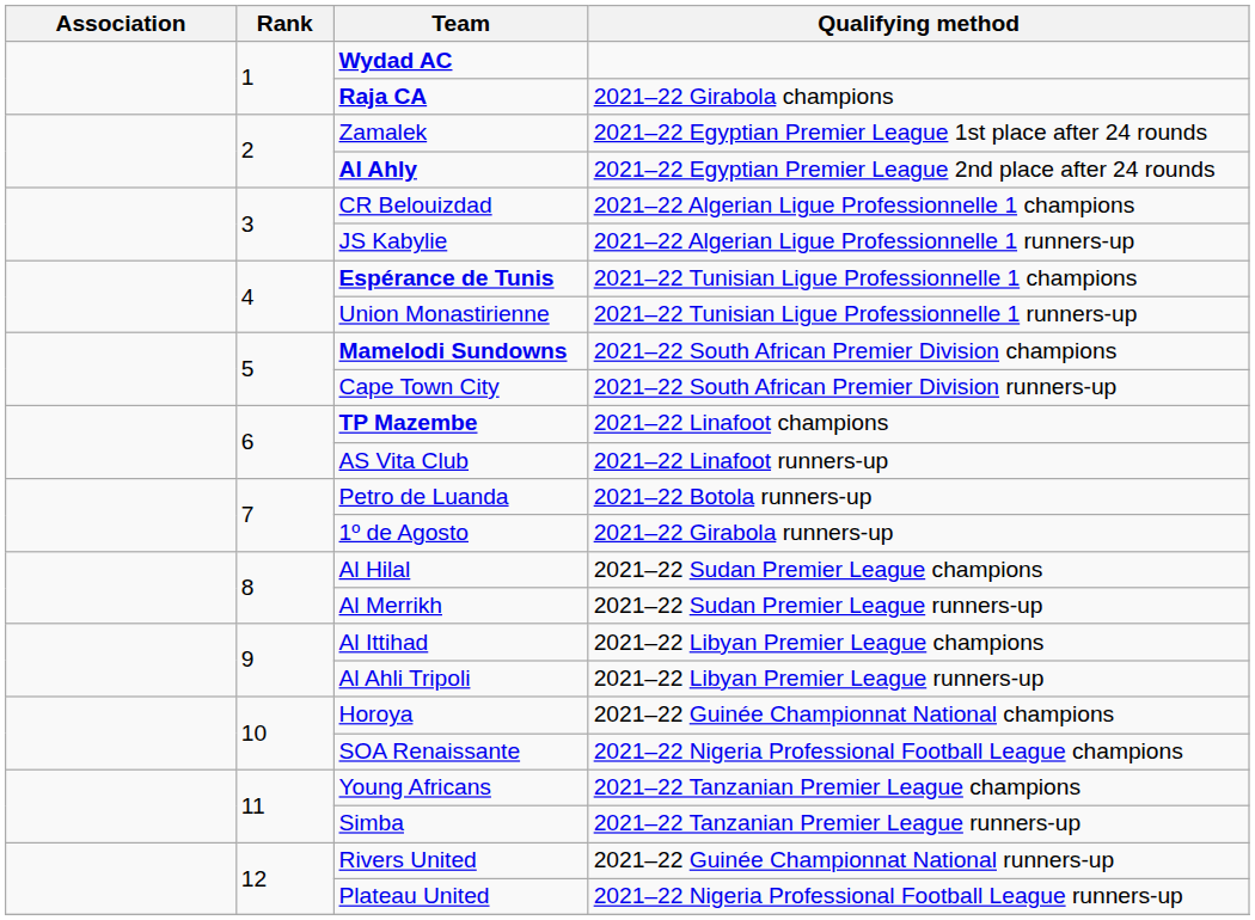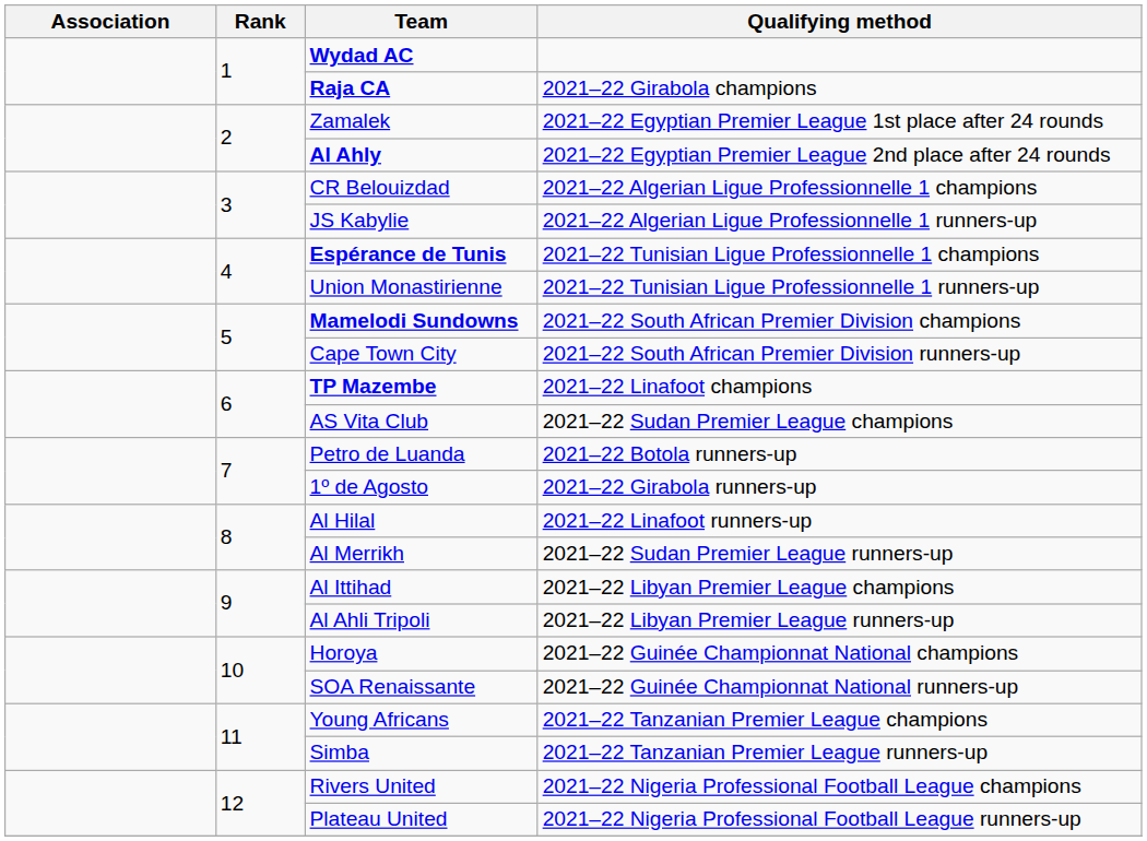 <table class="wikitable">
 <tr>
 <th width=180>Association</th>
 <th width=70>Rank </th>
 <th width=200>Team</th>
 <th width=600>Qualifying method</th>
 </tr>
 <tr>
 <td rowspan=2></td>
 <td rowspan=2>1 </td>
 <td><strong><a href='#'>Wydad AC</a></strong></td>
 <td></td>
 </tr>
 <tr>
 <td><strong><a href='#'>Raja CA</a></strong></td>
 <td><a href='#'>2021–22 Girabola</a> champions</td>
 </tr>
 <tr>
 <td rowspan=2></td>
 <td rowspan=2>2 </td>
 <td><a href='#'>Zamalek</a></td>
 <td><a href='#'>2021–22 Egyptian Premier League</a> 1st place after 24 rounds</td>
 </tr>
 <tr>
 <td><strong><a href='#'>Al Ahly</a></strong></td>
 <td><a href='#'>2021–22 Egyptian Premier League</a> 2nd place after 24 rounds</td>
 </tr>
 <tr>
 <td rowspan=2></td>
 <td rowspan=2>3 </td>
 <td><a href='#'>CR Belouizdad</a></td>
 <td><a href='#'>2021–22 Algerian Ligue Professionnelle 1</a> champions</td>
 </tr>
 <tr>
 <td><a href='#'>JS Kabylie</a></td>
 <td><a href='#'>2021–22 Algerian Ligue Professionnelle 1</a> runners-up</td>
 </tr>
 <tr>
 <td rowspan=2></td>
 <td rowspan=2>4 </td>
 <td><strong><a href='#'>Espérance de Tunis</a></strong></td>
 <td><a href='#'>2021–22 Tunisian Ligue Professionnelle 1</a> champions</td>
 </tr>
 <tr>
 <td><a href='#'>Union Monastirienne</a></td>
 <td><a href='#'>2021–22 Tunisian Ligue Professionnelle 1</a> runners-up</td>
 </tr>
 <tr>
 <td rowspan=2></td>
 <td rowspan=2>5 </td>
 <td><strong><a href='#'>Mamelodi Sundowns</a></strong></td>
 <td><a href='#'>2021–22 South African Premier Division</a> champions</td>
 </tr>
 <tr>
 <td><a href='#'>Cape Town City</a></td>
 <td><a href='#'>2021–22 South African Premier Division</a> runners-up</td>
 </tr>
 <tr>
 <td rowspan=2></td>
 <td rowspan=2>6 </td>
 <td><strong><a href='#'>TP Mazembe</a></strong></td>
 <td><a href='#'>2021–22 Linafoot</a> champions</td>
 </tr>
 <tr>
 <td><a href='#'>AS Vita Club</a></td>
-<td><a href='#'>2021–22 Linafoot</a> runners-up</td>
+<td>2021–22 <a href='#'>Sudan Premier League</a> champions</td>
 </tr>
 <tr>
 <td rowspan=2></td>
 <td rowspan=2>7 </td>
 <td><a href='#'>Petro de Luanda</a></td>
 <td><a href='#'>2021–22 Botola</a> runners-up</td>
 </tr>
 <tr>
 <td><a href='#'>1º de Agosto</a></td>
 <td><a href='#'>2021–22 Girabola</a> runners-up</td>
 </tr>
 <tr>
 <td rowspan=2></td>
 <td rowspan=2>8 </td>
 <td><a href='#'>Al Hilal</a></td>
-<td>2021–22 <a href='#'>Sudan Premier League</a> champions</td>
+<td><a href='#'>2021–22 Linafoot</a> runners-up</td>
 </tr>
 <tr>
 <td><a href='#'>Al Merrikh</a></td>
 <td>2021–22 <a href='#'>Sudan Premier League</a> runners-up</td>
 </tr>
 <tr>
 <td rowspan=2></td>
 <td rowspan=2>9 </td>
 <td><a href='#'>Al Ittihad</a></td>
 <td>2021–22 <a href='#'>Libyan Premier League</a> champions</td>
 </tr>
 <tr>
 <td><a href='#'>Al Ahli Tripoli</a></td>
 <td>2021–22 <a href='#'>Libyan Premier League</a> runners-up</td>
 </tr>
 <tr>
 <td rowspan=2></td>
 <td rowspan=2>10 </td>
 <td><a href='#'>Horoya</a></td>
 <td>2021–22 <a href='#'>Guinée Championnat National</a> champions</td>
 </tr>
 <tr>
 <td><a href='#'>SOA Renaissante</a></td>
-<td><a href='#'>2021–22 Nigeria Professional Football League</a> champions</td>
+<td>2021–22 <a href='#'>Guinée Championnat National</a> runners-up</td>
 </tr>
 <tr>
 <td rowspan=2></td>
 <td rowspan=2>11 </td>
 <td><a href='#'>Young Africans</a></td>
 <td><a href='#'>2021–22 Tanzanian Premier League</a> champions</td>
 </tr>
 <tr>
 <td><a href='#'>Simba</a></td>
 <td><a href='#'>2021–22 Tanzanian Premier League</a> runners-up</td>
 </tr>
 <tr>
 <td rowspan=2></td>
 <td rowspan=2>12 </td>
 <td><a href='#'>Rivers United</a></td>
-<td>2021–22 <a href='#'>Guinée Championnat National</a> runners-up</td>
+<td><a href='#'>2021–22 Nigeria Professional Football League</a> champions</td>
 </tr>
 <tr>
 <td><a href='#'>Plateau United</a></td>
 <td><a href='#'>2021–22 Nigeria Professional Football League</a> runners-up</td>
 </tr>
 <tr>
 </tr>
 </table>
